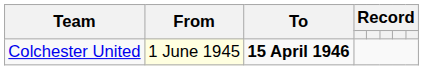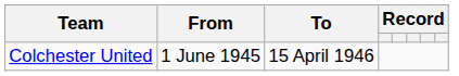 <table class=wikitable style="text-align: center">
 <tr>
 <th rowspan=2>Team</th>
 <th rowspan=2>From</th>
 <th rowspan=2>To</th>
 <th colspan=5>Record</th>
 </tr>
 <tr>
 <th></th>
 <th></th>
 <th></th>
 <th></th>
 <th></th>
 </tr>
 <tr>
 <td align=left><a href='#'>Colchester United</a></td>
-<td align=left style="background: lightyellow;">1 June 1945</td>
-<td align=left><strong>15 April 1946<br></strong></td>
+<td align=left>1 June 1945</td>
+<td align=left>15 April 1946<br></td>
 </tr>
 </table>
